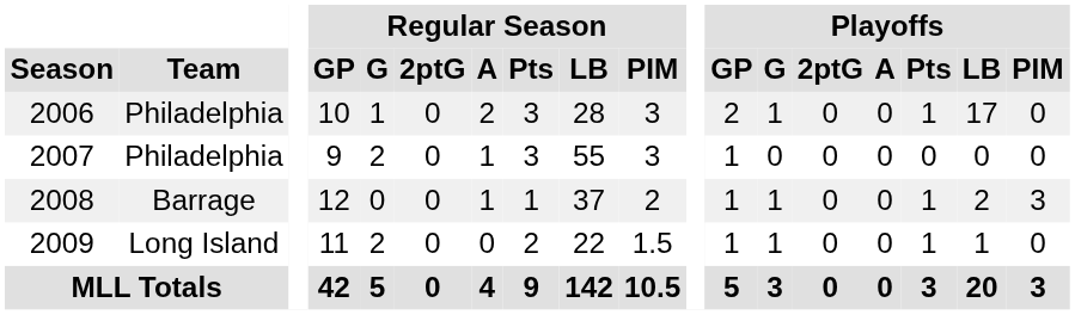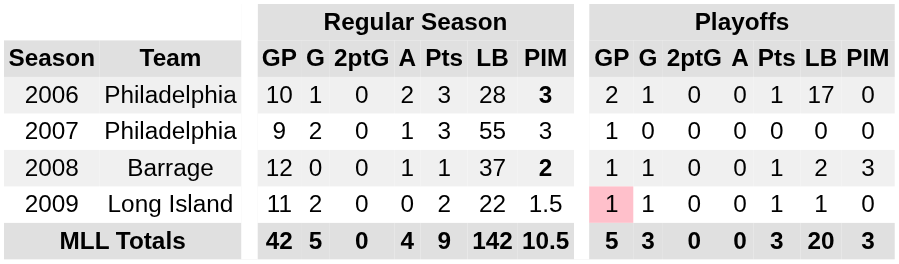 <table BORDER="0" CELLPADDING="3" CELLSPACING="0">
 <tr ALIGN="center" bgcolor="#e0e0e0">
 <th colspan="2" bgcolor="#ffffff"> </th>
 <th rowspan="99" bgcolor="#ffffff"> </th>
 <th colspan="7">Regular Season</th>
 <th rowspan="99" bgcolor="#ffffff"> </th>
 <th colspan="7">Playoffs</th>
 </tr>
 <tr ALIGN="center" bgcolor="#e0e0e0">
 <th>Season</th>
 <th>Team</th>
 <th>GP</th>
 <th>G</th>
 <th>2ptG</th>
 <th>A</th>
 <th>Pts</th>
 <th>LB</th>
 <th>PIM</th>
 <th>GP</th>
 <th>G</th>
 <th>2ptG</th>
 <th>A</th>
 <th>Pts</th>
 <th>LB</th>
 <th>PIM</th>
 </tr>
 <tr ALIGN="center" bgcolor="#f0f0f0">
 <td>2006</td>
 <td>Philadelphia</td>
 <td>10</td>
 <td>1</td>
 <td>0</td>
 <td>2</td>
 <td>3</td>
 <td>28</td>
-<td>3</td>
+<td><strong>3</strong></td>
 <td>2</td>
 <td>1</td>
 <td>0</td>
 <td>0</td>
 <td>1</td>
 <td>17</td>
 <td>0</td>
 </tr>
 <tr ALIGN="center">
 <td>2007</td>
 <td>Philadelphia</td>
 <td>9</td>
 <td>2</td>
 <td>0</td>
 <td>1</td>
 <td>3</td>
 <td>55</td>
 <td>3</td>
 <td>1</td>
 <td>0</td>
 <td>0</td>
 <td>0</td>
 <td>0</td>
 <td>0</td>
 <td>0</td>
 </tr>
 <tr ALIGN="center" bgcolor="#f0f0f0">
 <td>2008</td>
 <td>Barrage</td>
 <td>12</td>
 <td>0</td>
 <td>0</td>
 <td>1</td>
 <td>1</td>
 <td>37</td>
-<td>2</td>
+<td><strong>2</strong></td>
 <td>1</td>
 <td>1</td>
 <td>0</td>
 <td>0</td>
 <td>1</td>
 <td>2</td>
 <td>3</td>
 </tr>
 <tr ALIGN="center">
 <td>2009</td>
 <td>Long Island</td>
 <td>11</td>
 <td>2</td>
 <td>0</td>
 <td>0</td>
 <td>2</td>
 <td>22</td>
 <td>1.5</td>
-<td>1</td>
+<td style="background: pink;">1</td>
 <td>1</td>
 <td>0</td>
 <td>0</td>
 <td>1</td>
 <td>1</td>
 <td>0</td>
 </tr>
 <tr ALIGN="center" bgcolor="#e0e0e0">
 <th colspan="2">MLL Totals</th>
 <th>42</th>
 <th>5</th>
 <th>0</th>
 <th>4</th>
 <th>9</th>
 <th>142</th>
 <th>10.5</th>
 <th>5</th>
 <th>3</th>
 <th>0</th>
 <th>0</th>
 <th>3</th>
 <th>20</th>
 <th>3</th>
 </tr>
 </table>
